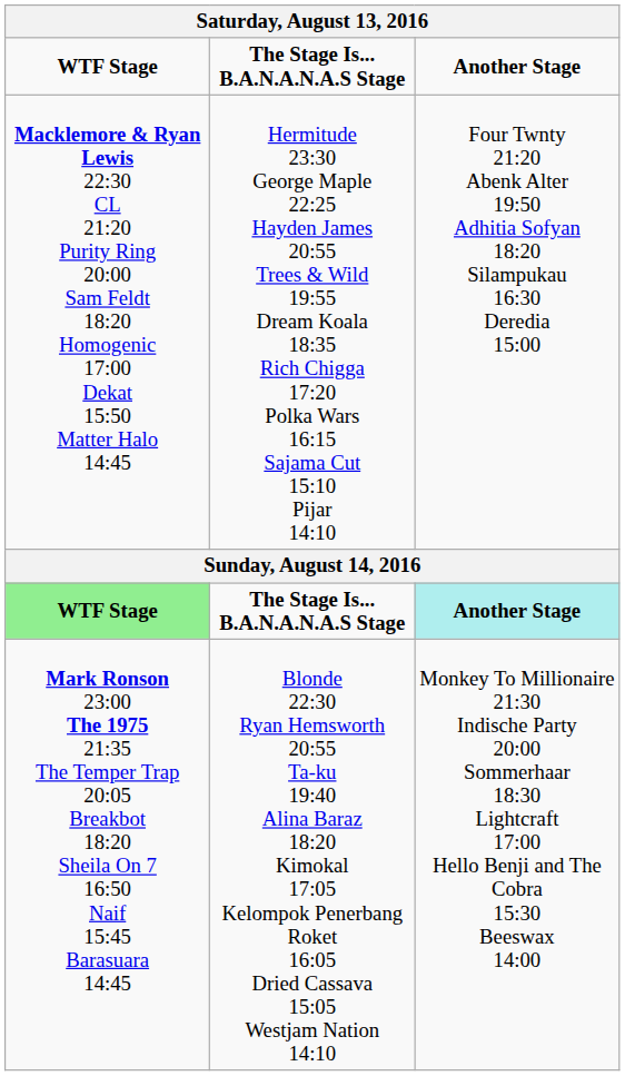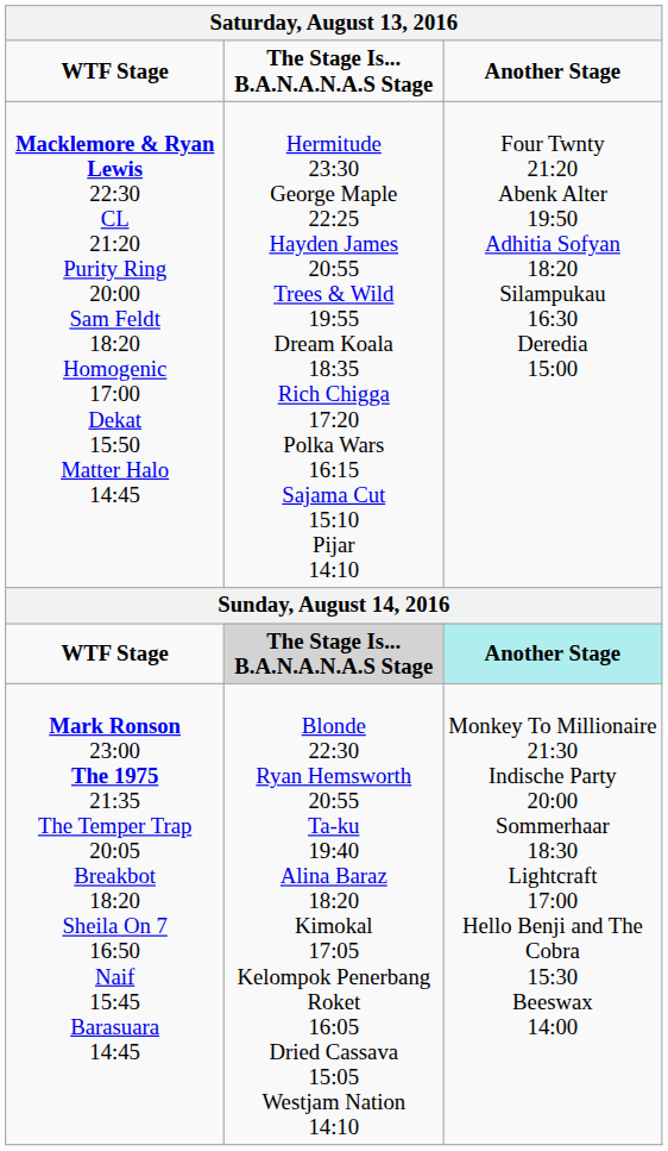 <table class="wikitable">
 <tr>
 <th colspan="3" style="text-align:center;">Saturday, August 13, 2016</th>
 </tr>
 <tr>
 <td style="text-align:center;"><strong>WTF Stage</strong></td>
 <td style="text-align:center;"><strong>The Stage Is... B.A.N.A.N.A.S Stage</strong></td>
 <td style="text-align:center;"><strong>Another Stage</strong></td>
 </tr>
 <tr>
 <td style="text-align:center; vertical-align:top;" width="150px;"><br><strong><a href='#'>Macklemore & Ryan Lewis</a></strong><br>22:30<br><a href='#'>CL</a><br>21:20<br><a href='#'>Purity Ring</a><br>20:00<br><a href='#'>Sam Feldt</a><br>18:20<br><a href='#'>Homogenic</a><br>17:00<br><a href='#'>Dekat</a><br>15:50<br><a href='#'>Matter Halo</a><br>14:45</td>
 <td style="text-align:center; vertical-align:top;" width="150px;"><br><a href='#'>Hermitude</a><br>23:30<br>George Maple<br>22:25<br><a href='#'>Hayden James</a><br>20:55<br><a href='#'>Trees & Wild</a><br>19:55<br>Dream Koala<br>18:35<br><a href='#'>Rich Chigga</a><br>17:20<br>Polka Wars<br>16:15<br><a href='#'>Sajama Cut</a><br>15:10<br>Pijar<br>14:10</td>
 <td style="text-align:center; vertical-align:top;" width="150px;"><br>Four Twnty<br>21:20<br>Abenk Alter<br>19:50<br><a href='#'>Adhitia Sofyan</a><br>18:20<br>Silampukau<br>16:30<br>Deredia<br>15:00</td>
 </tr>
 <tr>
 <th colspan="3" style="text-align:center;">Sunday, August 14, 2016</th>
 </tr>
 <tr>
-<td style="background: lightgreen; text-align:center;"><strong>WTF Stage</strong></td>
-<td style="text-align:center;"><strong>The Stage Is... B.A.N.A.N.A.S Stage</strong></td>
+<td style="text-align:center;"><strong>WTF Stage</strong></td>
+<td style="background: lightgrey; text-align:center;"><strong>The Stage Is... B.A.N.A.N.A.S Stage</strong></td>
 <td style="background: paleturquoise; text-align:center;"><strong>Another Stage</strong></td>
 </tr>
 <tr>
 <td style="text-align:center; vertical-align:top;" width="150px;"><br><strong><a href='#'>Mark Ronson</a> </strong><br>23:00<br><strong><a href='#'>The 1975</a></strong><br>21:35<br><a href='#'>The Temper Trap</a><br>20:05<br><a href='#'>Breakbot</a> <br>18:20<br><a href='#'>Sheila On 7</a><br>16:50<br><a href='#'>Naif</a><br>15:45<br><a href='#'>Barasuara</a><br>14:45</td>
 <td style="text-align:center; vertical-align:top;" width="150px;"><br><a href='#'>Blonde</a><br>22:30<br><a href='#'>Ryan Hemsworth</a><br>20:55<br><a href='#'>Ta-ku</a> <br>19:40<br><a href='#'>Alina Baraz</a><br>18:20<br>Kimokal<br>17:05<br>Kelompok Penerbang Roket<br>16:05<br>Dried Cassava<br>15:05<br>Westjam Nation<br>14:10</td>
 <td style="text-align:center; vertical-align:top;" width="150px;"><br>Monkey To Millionaire<br>21:30<br>Indische Party<br>20:00<br>Sommerhaar<br>18:30<br>Lightcraft<br>17:00<br>Hello Benji and The Cobra<br>15:30<br>Beeswax<br>14:00</td>
 </tr>
 </table>
